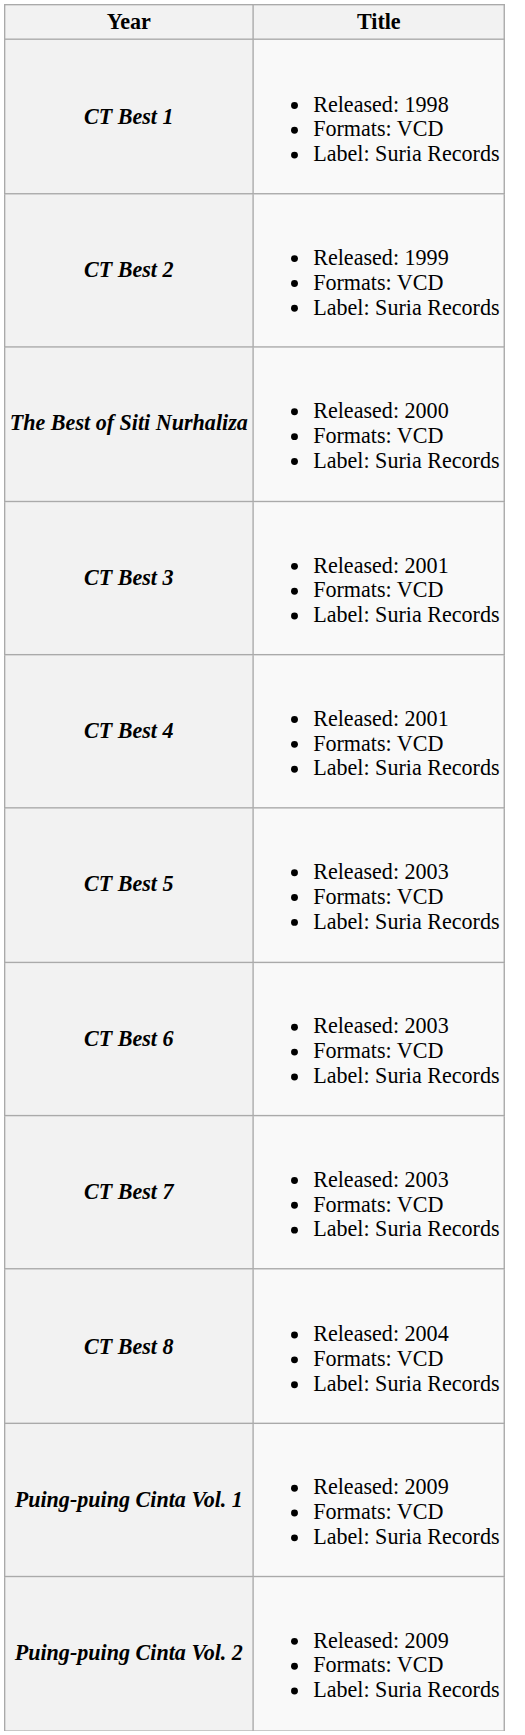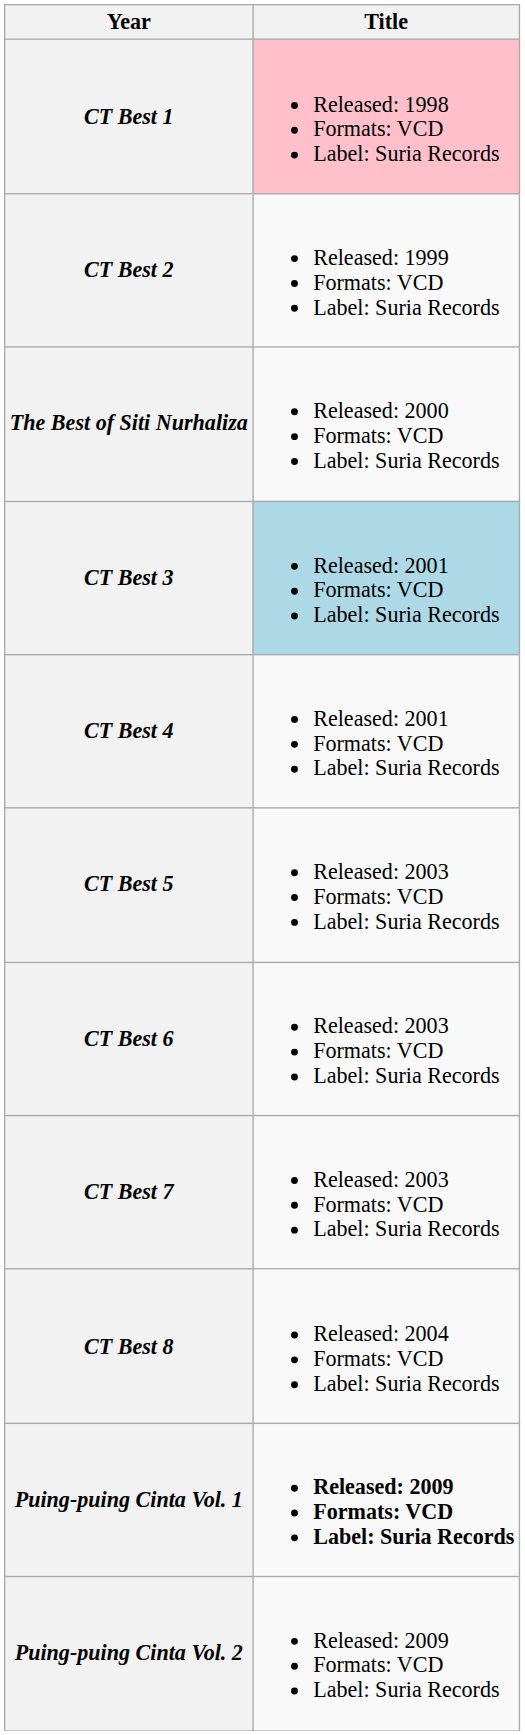 <table class="wikitable plainrowheaders">
 <tr>
 <th>Year</th>
 <th>Title</th>
 </tr>
 <tr>
 <th scope="row"><em>CT Best 1</em></th>
-<td><br><ul><li>Released: 1998</li><li>Formats: VCD</li><li>Label: Suria Records</li></ul></td>
+<td style="background: pink;"><br><ul><li>Released: 1998</li><li>Formats: VCD</li><li>Label: Suria Records</li></ul></td>
 </tr>
 <tr>
 <th scope="row"><em>CT Best 2</em></th>
 <td><br><ul><li>Released: 1999</li><li>Formats: VCD</li><li>Label: Suria Records</li></ul></td>
 </tr>
 <tr>
 <th scope="row"><em>The Best of Siti Nurhaliza</em></th>
 <td><br><ul><li>Released: 2000</li><li>Formats: VCD</li><li>Label: Suria Records</li></ul></td>
 </tr>
 <tr>
 <th scope="row"><em>CT Best 3</em></th>
-<td><br><ul><li>Released: 2001</li><li>Formats: VCD</li><li>Label: Suria Records</li></ul></td>
+<td style="background: lightblue;"><br><ul><li>Released: 2001</li><li>Formats: VCD</li><li>Label: Suria Records</li></ul></td>
 </tr>
 <tr>
 <th scope="row"><em>CT Best 4</em></th>
 <td><br><ul><li>Released: 2001</li><li>Formats: VCD</li><li>Label: Suria Records</li></ul></td>
 </tr>
 <tr>
 <th scope="row"><em>CT Best 5</em></th>
 <td><br><ul><li>Released: 2003</li><li>Formats: VCD</li><li>Label: Suria Records</li></ul></td>
 </tr>
 <tr>
 <th scope="row"><em>CT Best 6</em></th>
 <td><br><ul><li>Released: 2003</li><li>Formats: VCD</li><li>Label: Suria Records</li></ul></td>
 </tr>
 <tr>
 <th scope="row"><em>CT Best 7</em></th>
 <td><br><ul><li>Released: 2003</li><li>Formats: VCD</li><li>Label: Suria Records</li></ul></td>
 </tr>
 <tr>
 <th scope="row"><em>CT Best 8</em></th>
 <td><br><ul><li>Released: 2004</li><li>Formats: VCD</li><li>Label: Suria Records</li></ul></td>
 </tr>
 <tr>
 <th scope="row"><em>Puing-puing Cinta Vol. 1</em></th>
-<td><br><ul><li>Released: 2009</li><li>Formats: VCD</li><li>Label: Suria Records</li></ul></td>
+<td><strong><br><ul><li>Released: 2009</li><li>Formats: VCD</li><li>Label: Suria Records</li></ul></strong></td>
 </tr>
 <tr>
 <th scope="row"><em>Puing-puing Cinta Vol. 2</em></th>
 <td><br><ul><li>Released: 2009</li><li>Formats: VCD</li><li>Label: Suria Records</li></ul></td>
 </tr>
 </table>
